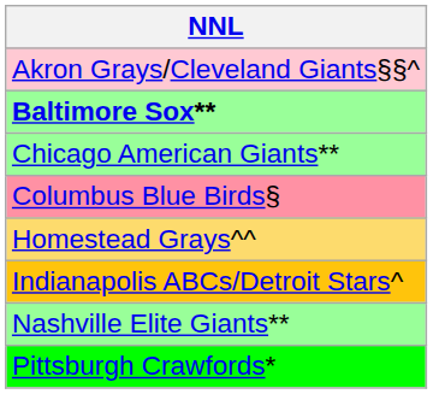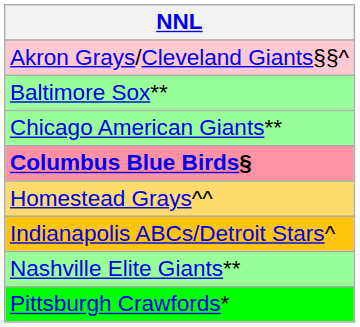 <table class="wikitable" style="font-size:100%;line-height:1.1;">
 <tr>
 <th><a href='#'>NNL</a></th>
 </tr>
 <tr>
 <td style="background-color: #FFC9D3;"><a href='#'>Akron Grays</a>/<a href='#'>Cleveland Giants</a>§§^</td>
 </tr>
 <tr>
-<td style="background-color: #99FF99;"><strong><a href='#'>Baltimore Sox</a>**</strong></td>
+<td style="background-color: #99FF99;"><a href='#'>Baltimore Sox</a>**</td>
 </tr>
 <tr>
 <td style="background-color: #99FF99;"><a href='#'>Chicago American Giants</a>**</td>
 </tr>
 <tr>
-<td style="background-color: #FF91A4;"><a href='#'>Columbus Blue Birds</a>§</td>
+<td style="background-color: #FF91A4;"><strong><a href='#'>Columbus Blue Birds</a>§</strong></td>
 </tr>
 <tr>
 <td style="background-color: #FDDB6D;"><a href='#'>Homestead Grays</a>^^</td>
 </tr>
 <tr>
 <td style="background-color: #FFC40C;"><a href='#'>Indianapolis ABCs/Detroit Stars</a>^</td>
 </tr>
 <tr>
 <td style="background-color: #99FF99;"><a href='#'>Nashville Elite Giants</a>**</td>
 </tr>
 <tr>
 <td style="background-color: #00FF00;"><a href='#'>Pittsburgh Crawfords</a>*</td>
 </tr>
 </table>
